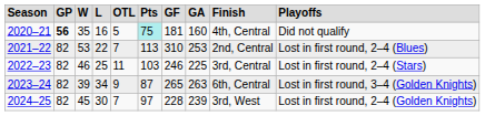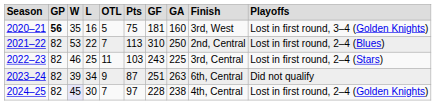 <table class="wikitable">
 <tr style="font-weight:bold; background:#ddd;">
 <td>Season</td>
 <td>GP</td>
 <td>W</td>
 <td>L</td>
 <td>OTL</td>
 <td>Pts</td>
 <td>GF</td>
 <td>GA</td>
 <td>Finish</td>
 <td>Playoffs</td>
 </tr>
 <tr>
 <td><a href='#'>2020–21</a></td>
 <td><strong>56</strong></td>
 <td>35</td>
 <td>16</td>
 <td>5</td>
-<td style="background: paleturquoise;">75</td>
+<td>75</td>
 <td>181</td>
 <td>160</td>
-<td>4th, Central</td>
-<td>Did not qualify</td>
+<td>3rd, West</td>
+<td>Lost in first round, 3–4 (<a href='#'>Golden Knights</a>)</td>
 </tr>
 <tr style="background:#eee;">
 <td><a href='#'>2021–22</a></td>
 <td>82</td>
 <td>53</td>
 <td>22</td>
 <td>7</td>
 <td>113</td>
 <td>310</td>
-<td>253</td>
+<td>250</td>
 <td>2nd, Central</td>
 <td>Lost in first round, 2–4 (<a href='#'>Blues</a>)</td>
 </tr>
 <tr>
 <td><a href='#'>2022–23</a></td>
 <td>82</td>
 <td>46</td>
 <td>25</td>
 <td>11</td>
 <td>103</td>
-<td>246</td>
+<td>243</td>
 <td>225</td>
 <td>3rd, Central</td>
 <td>Lost in first round, 2–4 (<a href='#'>Stars</a>)</td>
 </tr>
 <tr style="background:#eee;">
 <td><a href='#'>2023–24</a></td>
 <td>82</td>
 <td>39</td>
 <td>34</td>
 <td>9</td>
 <td>87</td>
-<td>265</td>
+<td>251</td>
 <td>263</td>
 <td>6th, Central</td>
-<td>Lost in first round, 3–4 (<a href='#'>Golden Knights</a>)</td>
+<td>Did not qualify</td>
 </tr>
 <tr>
 <td><a href='#'>2024–25</a></td>
 <td>82</td>
-<td>45</td>
+<td style="background: lavender;">45</td>
 <td>30</td>
 <td>7</td>
 <td>97</td>
 <td>228</td>
-<td>239</td>
-<td>3rd, West</td>
+<td>238</td>
+<td>4th, Central</td>
 <td>Lost in first round, 2–4 (<a href='#'>Golden Knights</a>)</td>
 </tr>
 </table>
